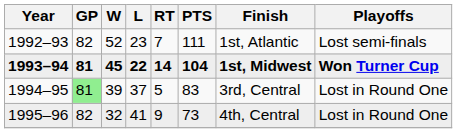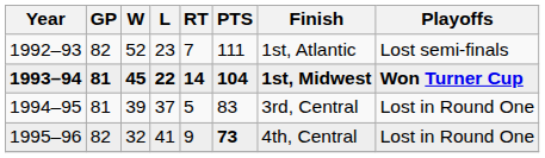 <table class="wikitable">
 <tr>
 <th>Year</th>
 <th>GP</th>
 <th>W</th>
 <th>L</th>
 <th>RT</th>
 <th>PTS</th>
 <th>Finish</th>
 <th>Playoffs</th>
 </tr>
 <tr>
 <td>1992–93</td>
 <td>82</td>
 <td>52</td>
 <td>23</td>
 <td>7</td>
 <td>111</td>
 <td>1st, Atlantic</td>
 <td>Lost semi-finals</td>
 </tr>
 <tr bgcolor="#eeeeee">
 <td><strong>1993–94</strong></td>
 <td><strong>81</strong></td>
 <td><strong>45</strong></td>
 <td><strong>22</strong></td>
 <td><strong>14</strong></td>
 <td><strong>104</strong></td>
 <td><strong>1st, Midwest</strong></td>
 <td><strong>Won <a href='#'>Turner Cup</a></strong></td>
 </tr>
 <tr>
 <td>1994–95</td>
-<td style="background: lightgreen;">81</td>
+<td>81</td>
 <td>39</td>
 <td>37</td>
 <td>5</td>
 <td>83</td>
 <td>3rd, Central</td>
 <td>Lost in Round One</td>
 </tr>
 <tr bgcolor="#eeeeee">
 <td>1995–96</td>
 <td>82</td>
 <td>32</td>
 <td>41</td>
 <td>9</td>
-<td>73</td>
+<td><strong>73</strong></td>
 <td>4th, Central</td>
 <td>Lost in Round One</td>
 </tr>
 <tr>
 </tr>
 </table>
